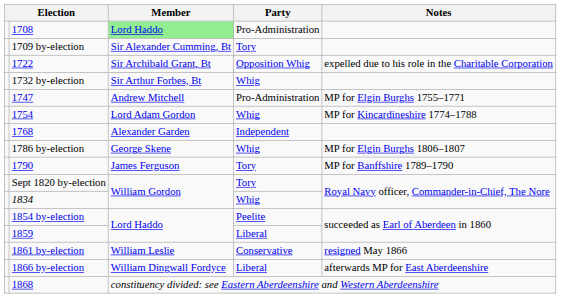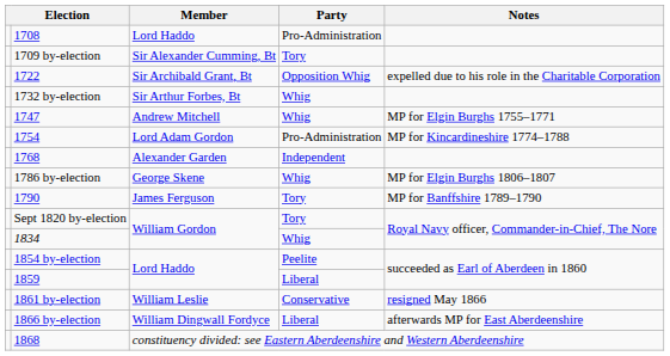 <table class="wikitable">
 <tr>
 <th colspan="2">Election </th>
 <th>Member</th>
 <th>Party</th>
 <th>Notes</th>
 </tr>
 <tr>
 <td style="color:inherit;background-color: "></td>
 <td><a href='#'>1708</a></td>
-<td style="background: lightgreen;"><a href='#'>Lord Haddo</a></td>
+<td><a href='#'>Lord Haddo</a></td>
 <td>Pro-Administration</td>
 <td></td>
 </tr>
 <tr>
 <td style="color:inherit;background-color: "></td>
 <td>1709 by-election</td>
 <td><a href='#'>Sir Alexander Cumming, Bt</a></td>
 <td><a href='#'>Tory</a></td>
 <td></td>
 </tr>
 <tr>
 <td style="color:inherit;background-color: "></td>
 <td><a href='#'>1722</a></td>
 <td><a href='#'>Sir Archibald Grant, Bt</a></td>
 <td><a href='#'>Opposition Whig</a></td>
 <td>expelled due to his role in the <a href='#'>Charitable Corporation</a></td>
 </tr>
 <tr>
 <td style="color:inherit;background-color: "></td>
 <td>1732 by-election</td>
 <td><a href='#'>Sir Arthur Forbes, Bt</a></td>
 <td><a href='#'>Whig</a></td>
 <td></td>
 </tr>
 <tr>
 <td style="color:inherit;background-color: "></td>
 <td><a href='#'>1747</a></td>
 <td><a href='#'>Andrew Mitchell</a></td>
-<td>Pro-Administration</td>
+<td><a href='#'>Whig</a></td>
 <td>MP for <a href='#'>Elgin Burghs</a> 1755–1771</td>
 </tr>
 <tr>
 <td style="color:inherit;background-color: "></td>
 <td><a href='#'>1754</a></td>
 <td><a href='#'>Lord Adam Gordon</a></td>
-<td><a href='#'>Whig</a></td>
+<td>Pro-Administration</td>
 <td>MP for <a href='#'>Kincardineshire</a> 1774–1788</td>
 </tr>
 <tr>
 <td style="color:inherit;background-color: "></td>
 <td><a href='#'>1768</a></td>
 <td><a href='#'>Alexander Garden</a></td>
 <td><a href='#'>Independent</a></td>
 <td></td>
 </tr>
 <tr>
 <td style="color:inherit;background-color: "></td>
 <td>1786 by-election</td>
 <td><a href='#'>George Skene</a></td>
 <td><a href='#'>Whig</a></td>
 <td>MP for <a href='#'>Elgin Burghs</a> 1806–1807</td>
 </tr>
 <tr>
 <td style="color:inherit;background-color: "></td>
 <td><a href='#'>1790</a></td>
 <td><a href='#'>James Ferguson</a></td>
 <td><a href='#'>Tory</a></td>
 <td>MP for <a href='#'>Banffshire</a> 1789–1790</td>
 </tr>
 <tr>
 <td style="color:inherit;background-color: "></td>
 <td>Sept 1820 by-election</td>
 <td rowspan="2"><a href='#'>William Gordon</a></td>
 <td><a href='#'>Tory</a></td>
 <td rowspan="2"><a href='#'>Royal Navy</a> officer, <a href='#'>Commander-in-Chief, The Nore</a></td>
 </tr>
 <tr>
 <td style="color:inherit;background-color: "></td>
 <td><em>1834</em></td>
 <td><a href='#'>Whig</a></td>
 </tr>
 <tr>
 <td style="color:inherit;background-color: "></td>
 <td><a href='#'>1854 by-election</a></td>
 <td rowspan="2"><a href='#'>Lord Haddo</a></td>
 <td><a href='#'>Peelite</a></td>
 <td rowspan="2">succeeded as <a href='#'>Earl of Aberdeen</a> in 1860</td>
 </tr>
 <tr>
 <td style="color:inherit;background-color: "></td>
 <td><a href='#'>1859</a></td>
 <td><a href='#'>Liberal</a></td>
 </tr>
 <tr>
 <td style="color:inherit;background-color: "></td>
 <td><a href='#'>1861 by-election</a></td>
 <td><a href='#'>William Leslie</a></td>
 <td><a href='#'>Conservative</a></td>
 <td><a href='#'>resigned</a> May 1866</td>
 </tr>
 <tr>
 <td style="color:inherit;background-color: "></td>
 <td><a href='#'>1866 by-election</a></td>
 <td><a href='#'>William Dingwall Fordyce</a></td>
 <td><a href='#'>Liberal</a></td>
 <td>afterwards MP for <a href='#'>East Aberdeenshire</a></td>
 </tr>
 <tr>
 <td></td>
 <td><a href='#'>1868</a></td>
 <td colspan="3"><em>constituency divided: see <a href='#'>Eastern Aberdeenshire</a> and <a href='#'>Western Aberdeenshire</a></em></td>
 </tr>
 </table>
